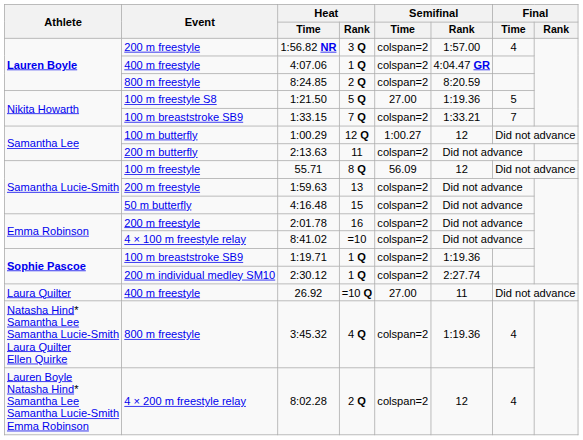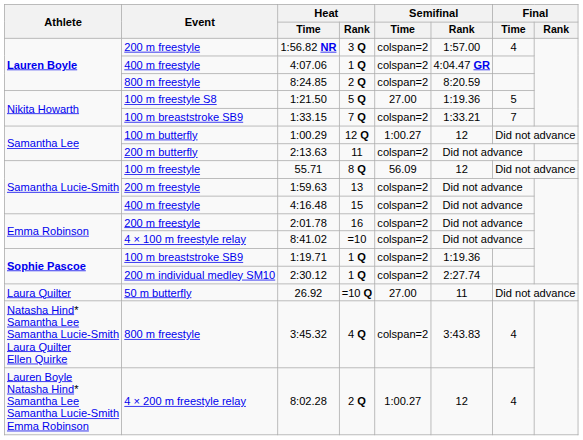 <table class=wikitable style=font-size:90%>
 <tr>
 <th rowspan=2>Athlete</th>
 <th rowspan=2>Event</th>
 <th colspan=2>Heat</th>
 <th colspan=2>Semifinal</th>
 <th colspan=2>Final</th>
 </tr>
 <tr style=font-size:95%>
 <th>Time</th>
 <th>Rank</th>
 <th>Time</th>
 <th>Rank</th>
 <th>Time</th>
 <th>Rank</th>
 </tr>
 <tr align=center>
 <td rowspan=3 align=left><strong><a href='#'>Lauren Boyle</a></strong></td>
 <td align=left><a href='#'>200 m freestyle</a></td>
 <td>1:56.82 <strong><a href='#'>NR</a></strong></td>
 <td>3 <strong>Q</strong></td>
 <td>colspan=2 </td>
 <td>1:57.00</td>
 <td>4</td>
 </tr>
 <tr align=center>
 <td align=left><a href='#'>400 m freestyle</a></td>
 <td>4:07.06</td>
 <td>1 <strong>Q</strong></td>
 <td>colspan=2 </td>
 <td>4:04.47 <strong><a href='#'>GR</a></strong></td>
 <td></td>
 </tr>
 <tr align=center>
 <td align=left><a href='#'>800 m freestyle</a></td>
 <td>8:24.85</td>
 <td>2 <strong>Q</strong></td>
 <td>colspan=2 </td>
 <td>8:20.59</td>
 <td></td>
 </tr>
 <tr align=center>
 <td rowspan=2 align=left><a href='#'>Nikita Howarth</a></td>
 <td align=left><a href='#'>100 m freestyle S8</a></td>
 <td>1:21.50</td>
 <td>5 <strong>Q</strong></td>
 <td>27.00</td>
 <td>1:19.36</td>
 <td>5</td>
 </tr>
 <tr align=center>
 <td align=left><a href='#'>100 m breaststroke SB9</a></td>
 <td>1:33.15</td>
 <td>7 <strong>Q</strong></td>
 <td>colspan=2 </td>
 <td>1:33.21</td>
 <td>7</td>
 </tr>
 <tr align=center>
 <td rowspan=2 align=left><a href='#'>Samantha Lee</a></td>
 <td align=left><a href='#'>100 m butterfly</a></td>
 <td>1:00.29</td>
 <td>12 <strong>Q</strong></td>
 <td>1:00.27</td>
 <td>12</td>
 <td colspan=2>Did not advance</td>
 </tr>
 <tr align=center>
 <td align=left><a href='#'>200 m butterfly</a></td>
 <td>2:13.63</td>
 <td>11</td>
 <td>colspan=2 </td>
 <td colspan=2>Did not advance</td>
 </tr>
 <tr align=center>
 <td rowspan=3 align=left><a href='#'>Samantha Lucie-Smith</a></td>
 <td align=left><a href='#'>100 m freestyle</a></td>
 <td>55.71</td>
 <td>8 <strong>Q</strong></td>
 <td>56.09</td>
 <td>12</td>
 <td colspan=2>Did not advance</td>
 </tr>
 <tr align=center>
 <td align=left><a href='#'>200 m freestyle</a></td>
 <td>1:59.63</td>
 <td>13</td>
 <td>colspan=2 </td>
 <td colspan=2>Did not advance</td>
 </tr>
 <tr align=center>
-<td align=left><a href='#'>50 m butterfly</a></td>
+<td align=left><a href='#'>400 m freestyle</a></td>
 <td>4:16.48</td>
 <td>15</td>
 <td>colspan=2 </td>
 <td colspan=2>Did not advance</td>
 </tr>
 <tr align=center>
 <td align=left rowspan=2><a href='#'>Emma Robinson</a></td>
 <td align=left><a href='#'>200 m freestyle</a></td>
 <td>2:01.78</td>
 <td>16</td>
 <td>colspan=2 </td>
 <td colspan=2>Did not advance</td>
 </tr>
 <tr align=center>
 <td align=left><a href='#'>4 × 100 m freestyle relay</a></td>
 <td>8:41.02</td>
 <td>=10</td>
 <td>colspan=2 </td>
 <td colspan=2>Did not advance</td>
 </tr>
 <tr align=center>
 <td rowspan=2 align=left><strong><a href='#'>Sophie Pascoe</a></strong></td>
 <td align=left><a href='#'>100 m breaststroke SB9</a></td>
 <td>1:19.71</td>
 <td>1 <strong>Q</strong></td>
 <td>colspan=2 </td>
 <td>1:19.36</td>
 <td></td>
 </tr>
 <tr align=center>
 <td align=left><a href='#'>200 m individual medley SM10</a></td>
 <td>2:30.12</td>
 <td>1 <strong>Q</strong></td>
 <td>colspan=2 </td>
 <td>2:27.74</td>
 <td></td>
 </tr>
 <tr align=center>
 <td align=left><a href='#'>Laura Quilter</a></td>
-<td align=left><a href='#'>400 m freestyle</a></td>
+<td align=left><a href='#'>50 m butterfly</a></td>
 <td>26.92</td>
 <td>=10 <strong>Q</strong></td>
 <td>27.00</td>
 <td>11</td>
 <td colspan=2>Did not advance</td>
 </tr>
 <tr align=center>
 <td align=left><a href='#'>Natasha Hind</a>*<br><a href='#'>Samantha Lee</a><br><a href='#'>Samantha Lucie-Smith</a><br><a href='#'>Laura Quilter</a><br><a href='#'>Ellen Quirke</a></td>
 <td align=left><a href='#'>800 m freestyle</a></td>
 <td>3:45.32</td>
 <td>4 <strong>Q</strong></td>
 <td>colspan=2 </td>
-<td>1:19.36</td>
+<td>3:43.83</td>
 <td>4</td>
 </tr>
 <tr align=center>
 <td align=left><a href='#'>Lauren Boyle</a><br><a href='#'>Natasha Hind</a>*<br><a href='#'>Samantha Lee</a><br><a href='#'>Samantha Lucie-Smith</a><br><a href='#'>Emma Robinson</a></td>
 <td align=left><a href='#'>4 × 200 m freestyle relay</a></td>
 <td>8:02.28</td>
 <td>2 <strong>Q</strong></td>
-<td>colspan=2 </td>
+<td>1:00.27</td>
 <td>12</td>
 <td>4</td>
 </tr>
 </table>
